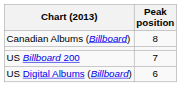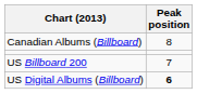 <table class="wikitable sortable">
 <tr>
 <th>Chart (2013)</th>
 <th>Peak<br>position</th>
 </tr>
 <tr>
 <td>Canadian Albums (<em><a href='#'>Billboard</a></em>)</td>
 <td style="text-align:center;">8</td>
 </tr>
 <tr>
 <td></td>
 </tr>
 <tr>
 <td>US <a href='#'><em>Billboard</em> 200</a></td>
 <td style="text-align:center;">7</td>
 </tr>
 <tr>
 <td>US <a href='#'>Digital Albums</a> (<em><a href='#'>Billboard</a></em>)</td>
-<td style="text-align:center;">6</td>
+<td style="text-align:center;"><strong>6</strong></td>
 </tr>
 </table>
